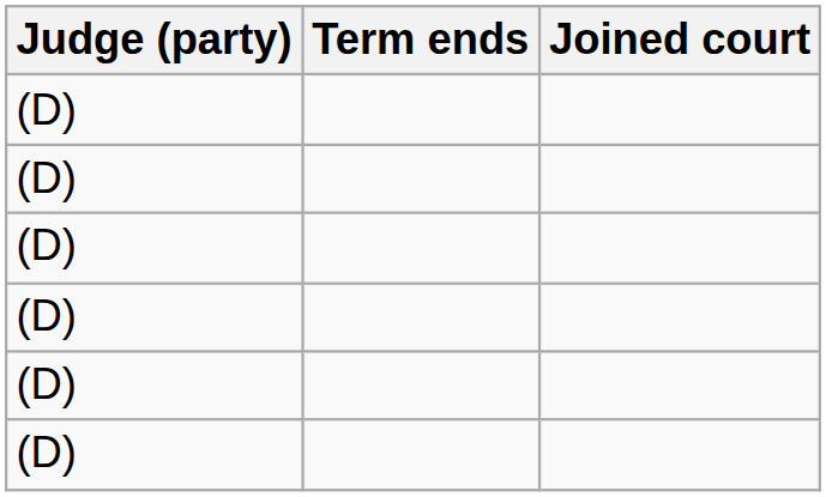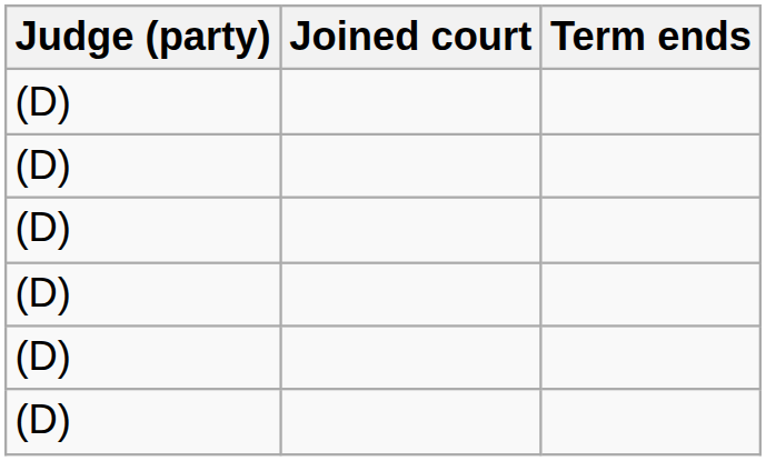 <table class="wikitable" style="border-collapse:collapse;" style="text-align: center" style="text-align: center">
 <tr bgcolor=#dedede>
 <th>Judge (party)</th>
+<th>Joined court</th>
 <th>Term ends</th>
-<th>Joined court</th>
 </tr>
 <tr>
 <td> (D)</td>
 <td></td>
 <td></td>
 </tr>
 <tr>
 <td> (D)</td>
 <td></td>
 <td></td>
 </tr>
 <tr>
 <td> (D)</td>
 <td></td>
 <td></td>
 </tr>
 <tr>
 <td> (D)</td>
 <td></td>
 <td></td>
 </tr>
 <tr>
 <td> (D)</td>
 <td></td>
 <td></td>
 </tr>
 <tr>
 <td> (D)</td>
 <td></td>
 <td></td>
 </tr>
 </table>
